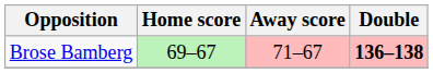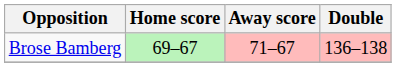 <table class="wikitable" style="text-align: center;">
 <tr>
 <th>Opposition</th>
 <th>Home score</th>
 <th>Away score</th>
 <th>Double</th>
 </tr>
 <tr>
 <td align="left"> <a href='#'>Brose Bamberg</a></td>
 <td bgcolor=#BBF3BB>69–67</td>
 <td bgcolor=#FFBBBB>71–67</td>
-<td bgcolor=#FFBBBB><strong>136–138</strong></td>
+<td bgcolor=#FFBBBB>136–138</td>
 </tr>
 <tr>
 </tr>
 </table>
